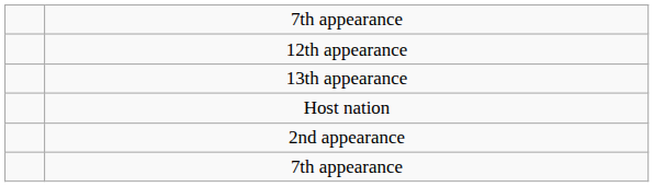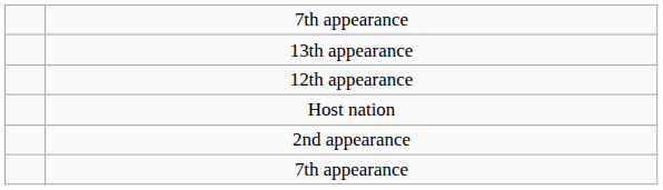 <table class="wikitable" width=35%>
 <tr align=center>
 <td></td>
 <td>7th appearance</td>
 </tr>
 <tr align=center>
 <td></td>
-<td>12th appearance</td>
+<td>13th appearance</td>
 </tr>
 <tr align=center>
 <td></td>
-<td>13th appearance</td>
+<td>12th appearance</td>
 </tr>
 <tr align=center>
 <td></td>
 <td>Host nation</td>
 </tr>
 <tr align=center>
 <td></td>
 <td>2nd appearance</td>
 </tr>
 <tr align=center>
 <td></td>
 <td>7th appearance</td>
 </tr>
 </table>
